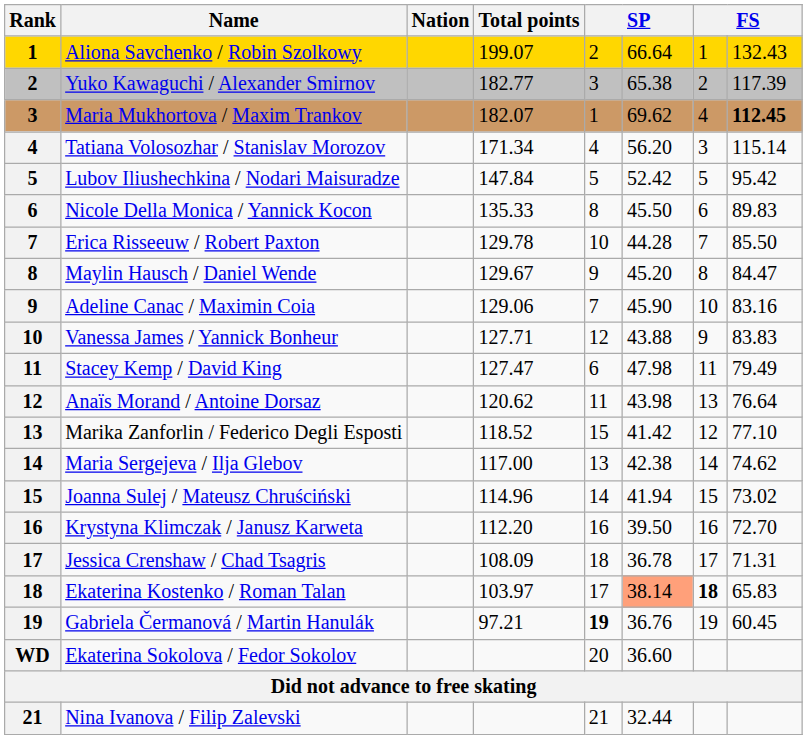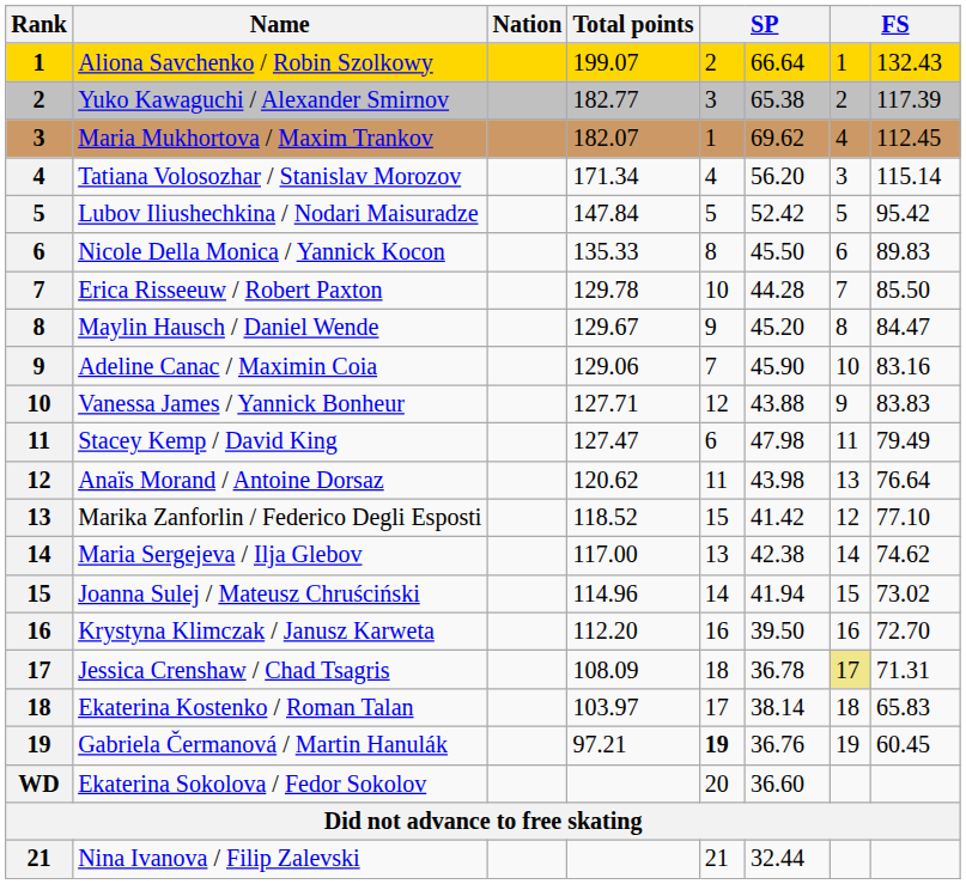 <table class="wikitable">
 <tr>
 <th>Rank</th>
 <th>Name</th>
 <th>Nation</th>
 <th>Total points</th>
 <th colspan="2" width="80px"><a href='#'>SP</a></th>
 <th colspan="2" width="80px"><a href='#'>FS</a></th>
 </tr>
 <tr bgcolor="gold">
 <td align="center"><strong>1</strong></td>
 <td><a href='#'>Aliona Savchenko</a> / <a href='#'>Robin Szolkowy</a></td>
 <td></td>
 <td>199.07</td>
 <td>2</td>
 <td>66.64</td>
 <td>1</td>
 <td>132.43</td>
 </tr>
 <tr bgcolor="silver">
 <td align="center"><strong>2</strong></td>
 <td><a href='#'>Yuko Kawaguchi</a> / <a href='#'>Alexander Smirnov</a></td>
 <td></td>
 <td>182.77</td>
 <td>3</td>
 <td>65.38</td>
 <td>2</td>
 <td>117.39</td>
 </tr>
 <tr bgcolor="cc9966">
 <td align="center"><strong>3</strong></td>
 <td><a href='#'>Maria Mukhortova</a> / <a href='#'>Maxim Trankov</a></td>
 <td></td>
 <td>182.07</td>
 <td>1</td>
 <td>69.62</td>
 <td>4</td>
-<td><strong>112.45</strong></td>
+<td>112.45</td>
 </tr>
 <tr>
 <th>4</th>
 <td><a href='#'>Tatiana Volosozhar</a> / <a href='#'>Stanislav Morozov</a></td>
 <td></td>
 <td>171.34</td>
 <td>4</td>
 <td>56.20</td>
 <td>3</td>
 <td>115.14</td>
 </tr>
 <tr>
 <th>5</th>
 <td><a href='#'>Lubov Iliushechkina</a> / <a href='#'>Nodari Maisuradze</a></td>
 <td></td>
 <td>147.84</td>
 <td>5</td>
 <td>52.42</td>
 <td>5</td>
 <td>95.42</td>
 </tr>
 <tr>
 <th>6</th>
 <td><a href='#'>Nicole Della Monica</a> / <a href='#'>Yannick Kocon</a></td>
 <td></td>
 <td>135.33</td>
 <td>8</td>
 <td>45.50</td>
 <td>6</td>
 <td>89.83</td>
 </tr>
 <tr>
 <th>7</th>
 <td><a href='#'>Erica Risseeuw</a> / <a href='#'>Robert Paxton</a></td>
 <td></td>
 <td>129.78</td>
 <td>10</td>
 <td>44.28</td>
 <td>7</td>
 <td>85.50</td>
 </tr>
 <tr>
 <th>8</th>
 <td><a href='#'>Maylin Hausch</a> / <a href='#'>Daniel Wende</a></td>
 <td></td>
 <td>129.67</td>
 <td>9</td>
 <td>45.20</td>
 <td>8</td>
 <td>84.47</td>
 </tr>
 <tr>
 <th>9</th>
 <td><a href='#'>Adeline Canac</a> / <a href='#'>Maximin Coia</a></td>
 <td></td>
 <td>129.06</td>
 <td>7</td>
 <td>45.90</td>
 <td>10</td>
 <td>83.16</td>
 </tr>
 <tr>
 <th>10</th>
 <td><a href='#'>Vanessa James</a> / <a href='#'>Yannick Bonheur</a></td>
 <td></td>
 <td>127.71</td>
 <td>12</td>
 <td>43.88</td>
 <td>9</td>
 <td>83.83</td>
 </tr>
 <tr>
 <th>11</th>
 <td><a href='#'>Stacey Kemp</a> / <a href='#'>David King</a></td>
 <td></td>
 <td>127.47</td>
 <td>6</td>
 <td>47.98</td>
 <td>11</td>
 <td>79.49</td>
 </tr>
 <tr>
 <th>12</th>
 <td><a href='#'>Anaïs Morand</a> / <a href='#'>Antoine Dorsaz</a></td>
 <td></td>
 <td>120.62</td>
 <td>11</td>
 <td>43.98</td>
 <td>13</td>
 <td>76.64</td>
 </tr>
 <tr>
 <th>13</th>
 <td>Marika Zanforlin / Federico Degli Esposti</td>
 <td></td>
 <td>118.52</td>
 <td>15</td>
 <td>41.42</td>
 <td>12</td>
 <td>77.10</td>
 </tr>
 <tr>
 <th>14</th>
 <td><a href='#'>Maria Sergejeva</a> / <a href='#'>Ilja Glebov</a></td>
 <td></td>
 <td>117.00</td>
 <td>13</td>
 <td>42.38</td>
 <td>14</td>
 <td>74.62</td>
 </tr>
 <tr>
 <th>15</th>
 <td><a href='#'>Joanna Sulej</a> / <a href='#'>Mateusz Chruściński</a></td>
 <td></td>
 <td>114.96</td>
 <td>14</td>
 <td>41.94</td>
 <td>15</td>
 <td>73.02</td>
 </tr>
 <tr>
 <th>16</th>
 <td><a href='#'>Krystyna Klimczak</a> / <a href='#'>Janusz Karweta</a></td>
 <td></td>
 <td>112.20</td>
 <td>16</td>
 <td>39.50</td>
 <td>16</td>
 <td>72.70</td>
 </tr>
 <tr>
 <th>17</th>
 <td><a href='#'>Jessica Crenshaw</a> / <a href='#'>Chad Tsagris</a></td>
 <td></td>
 <td>108.09</td>
 <td>18</td>
 <td>36.78</td>
-<td>17</td>
+<td style="background: khaki;">17</td>
 <td>71.31</td>
 </tr>
 <tr>
 <th>18</th>
 <td><a href='#'>Ekaterina Kostenko</a> / <a href='#'>Roman Talan</a></td>
 <td></td>
 <td>103.97</td>
 <td>17</td>
-<td style="background: lightsalmon;">38.14</td>
-<td><strong>18</strong></td>
+<td>38.14</td>
+<td>18</td>
 <td>65.83</td>
 </tr>
 <tr>
 <th>19</th>
 <td><a href='#'>Gabriela Čermanová</a> / <a href='#'>Martin Hanulák</a></td>
 <td></td>
 <td>97.21</td>
 <td><strong>19</strong></td>
 <td>36.76</td>
 <td>19</td>
 <td>60.45</td>
 </tr>
 <tr>
 <th>WD</th>
 <td><a href='#'>Ekaterina Sokolova</a> / <a href='#'>Fedor Sokolov</a></td>
 <td></td>
 <td></td>
 <td>20</td>
 <td>36.60</td>
 <td></td>
 <td></td>
 </tr>
 <tr>
 <th colspan=8>Did not advance to free skating</th>
 </tr>
 <tr>
 <th>21</th>
 <td><a href='#'>Nina Ivanova</a> / <a href='#'>Filip Zalevski</a></td>
 <td></td>
 <td></td>
 <td>21</td>
 <td>32.44</td>
 <td></td>
 <td></td>
 </tr>
 </table>
